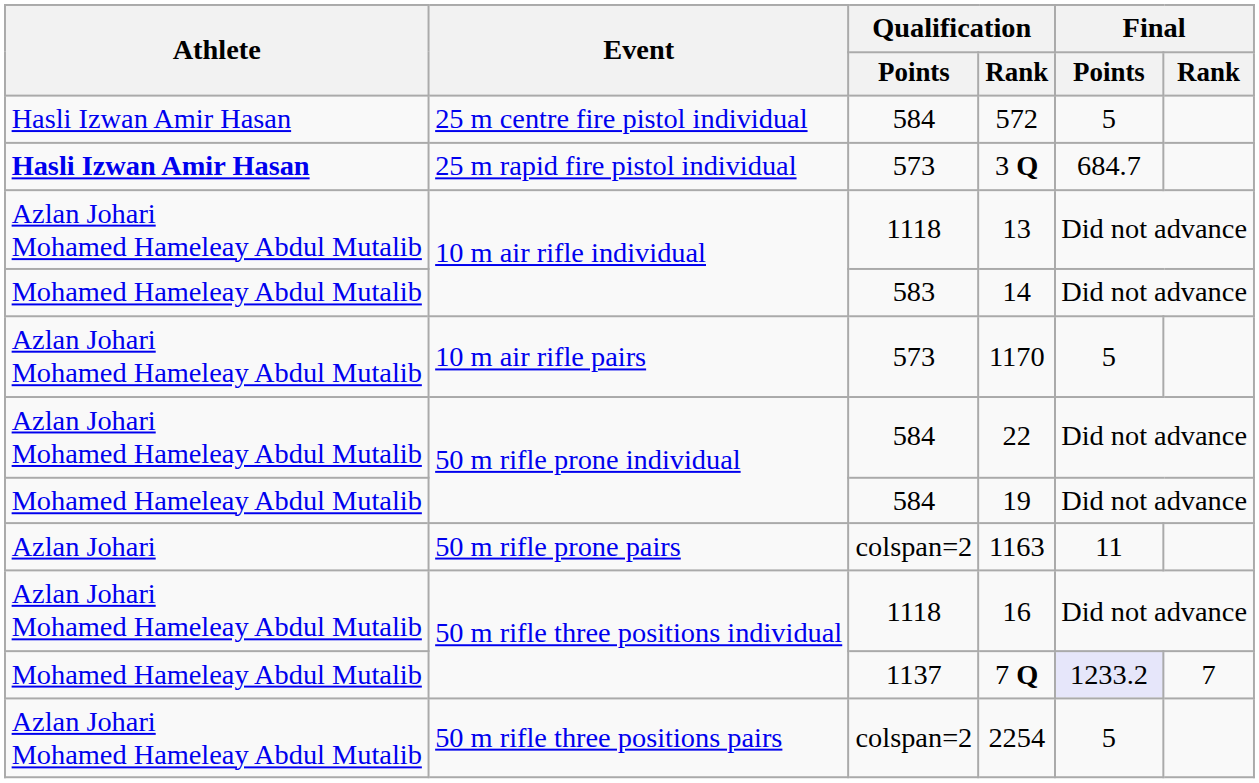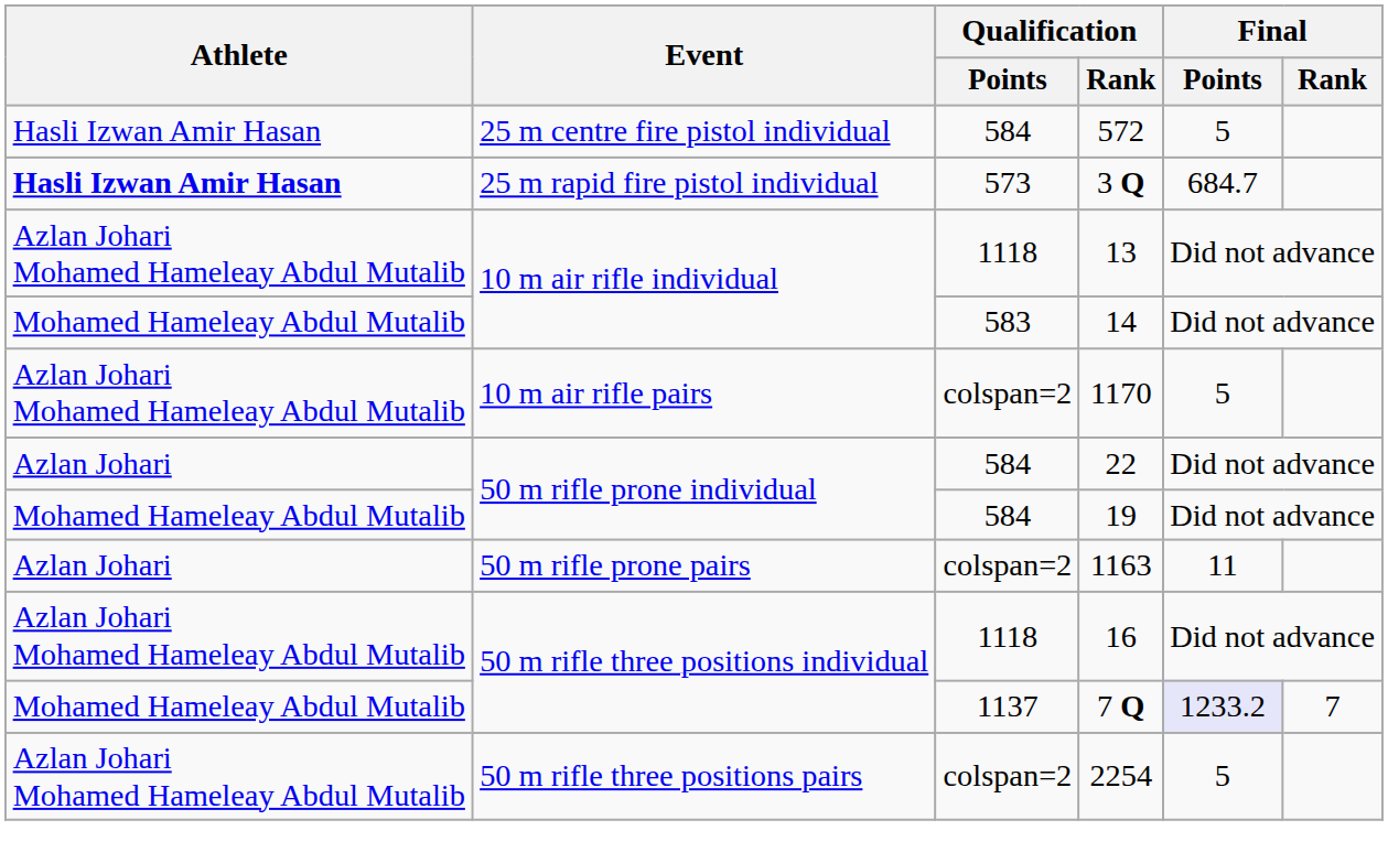 <table class="wikitable" style="font-size:90%;">
 <tr>
 <th rowspan=2>Athlete</th>
 <th rowspan=2>Event</th>
 <th colspan=2>Qualification</th>
 <th colspan=2>Final</th>
 </tr>
 <tr style="font-size:95%">
 <th>Points</th>
 <th>Rank</th>
 <th>Points</th>
 <th>Rank</th>
 </tr>
 <tr align=center>
 <td align=left><a href='#'>Hasli Izwan Amir Hasan</a></td>
 <td align=left><a href='#'>25 m centre fire pistol individual</a></td>
 <td>584</td>
 <td>572</td>
 <td>5</td>
 </tr>
 <tr align=center>
 <td align=left><strong><a href='#'>Hasli Izwan Amir Hasan</a></strong></td>
 <td align=left><a href='#'>25 m rapid fire pistol individual</a></td>
 <td>573</td>
 <td>3 <strong>Q</strong></td>
 <td>684.7</td>
 <td></td>
 </tr>
 <tr align=center>
 <td align=left><a href='#'>Azlan Johari</a><br><a href='#'>Mohamed Hameleay Abdul Mutalib</a></td>
 <td align=left rowspan=2><a href='#'>10 m air rifle individual</a></td>
 <td>1118</td>
 <td>13</td>
 <td colspan=2>Did not advance</td>
 </tr>
 <tr align=center>
 <td align=left><a href='#'>Mohamed Hameleay Abdul Mutalib</a></td>
 <td>583</td>
 <td>14</td>
 <td colspan=2>Did not advance</td>
 </tr>
 <tr align=center>
 <td align=left><a href='#'>Azlan Johari</a><br><a href='#'>Mohamed Hameleay Abdul Mutalib</a></td>
 <td align=left><a href='#'>10 m air rifle pairs</a></td>
-<td>573</td>
+<td>colspan=2 </td>
 <td>1170</td>
 <td>5</td>
 </tr>
 <tr align=center>
-<td align=left><a href='#'>Azlan Johari</a><br><a href='#'>Mohamed Hameleay Abdul Mutalib</a></td>
+<td align=left><a href='#'>Azlan Johari</a></td>
 <td align=left rowspan=2><a href='#'>50 m rifle prone individual</a></td>
 <td>584</td>
 <td>22</td>
 <td colspan=2>Did not advance</td>
 </tr>
 <tr align=center>
 <td align=left><a href='#'>Mohamed Hameleay Abdul Mutalib</a></td>
 <td>584</td>
 <td>19</td>
 <td colspan=2>Did not advance</td>
 </tr>
 <tr align=center>
 <td align=left><a href='#'>Azlan Johari</a></td>
 <td align=left><a href='#'>50 m rifle prone pairs</a></td>
 <td>colspan=2 </td>
 <td>1163</td>
 <td>11</td>
 </tr>
 <tr align=center>
 <td align=left><a href='#'>Azlan Johari</a><br><a href='#'>Mohamed Hameleay Abdul Mutalib</a></td>
 <td align=left rowspan=2><a href='#'>50 m rifle three positions individual</a></td>
 <td>1118</td>
 <td>16</td>
 <td colspan=2>Did not advance</td>
 </tr>
 <tr align=center>
 <td align=left><a href='#'>Mohamed Hameleay Abdul Mutalib</a></td>
 <td>1137</td>
 <td>7 <strong>Q</strong></td>
 <td style="background: lavender;">1233.2</td>
 <td>7</td>
 </tr>
 <tr align=center>
 <td align=left><a href='#'>Azlan Johari</a><br><a href='#'>Mohamed Hameleay Abdul Mutalib</a></td>
 <td align=left><a href='#'>50 m rifle three positions pairs</a></td>
 <td>colspan=2 </td>
 <td>2254</td>
 <td>5</td>
 </tr>
 </table>
